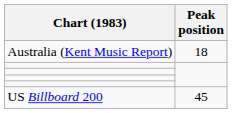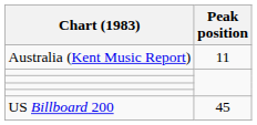 <table class="wikitable">
 <tr>
 <th scope="col">Chart (1983)</th>
 <th>Peak<br>position</th>
 </tr>
 <tr>
 <td>Australia (<a href='#'>Kent Music Report</a>)</td>
-<td style="text-align:center;">18</td>
+<td style="text-align:center;">11</td>
 </tr>
 <tr>
 <td></td>
 </tr>
 <tr>
 <td></td>
 </tr>
 <tr>
 <td></td>
 </tr>
 <tr>
 <td></td>
 </tr>
 <tr>
 <td>US <a href='#'><em>Billboard</em> 200</a></td>
 <td style="text-align:center;">45</td>
 </tr>
 </table>
